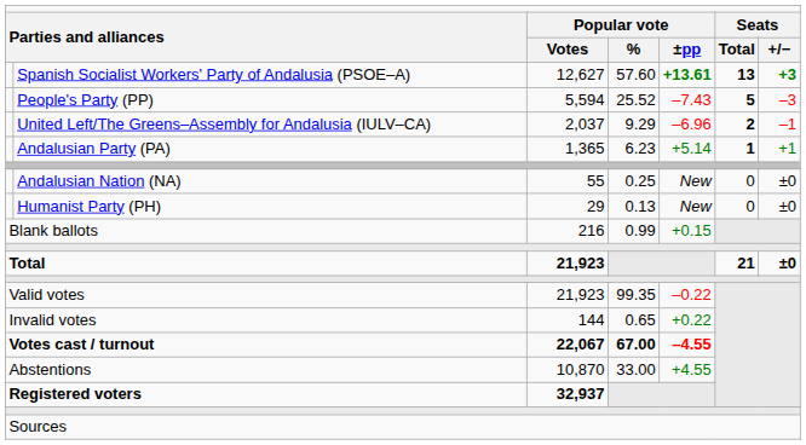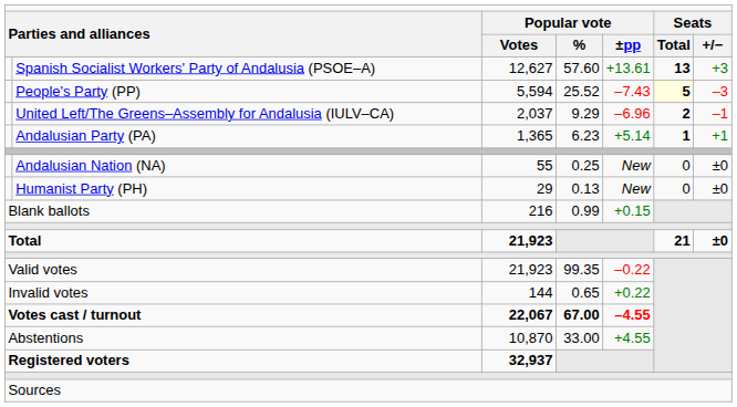 <table class="wikitable" style="text-align:right;">
 <tr>
 <td colspan="7"></td>
 </tr>
 <tr>
 <th style="text-align:left;" rowspan="2" colspan="2" width="525">Parties and alliances</th>
 <th colspan="3">Popular vote</th>
 <th colspan="2">Seats</th>
 </tr>
 <tr>
 <th width="75">Votes</th>
 <th width="45">%</th>
 <th width="45">±<a href='#'>pp</a></th>
 <th width="35">Total</th>
 <th width="35">+/−</th>
 </tr>
 <tr>
 <td width="1" style="color:inherit;background:"></td>
 <td align="left"><a href='#'>Spanish Socialist Workers' Party of Andalusia</a> (PSOE–A)</td>
 <td>12,627</td>
 <td>57.60</td>
-<td style="color:green;"><strong>+13.61</strong></td>
+<td style="color:green;">+13.61</td>
 <td><strong>13</strong></td>
-<td style="color:green;"><strong>+3</strong></td>
+<td style="color:green;">+3</td>
 </tr>
 <tr>
 <td style="color:inherit;background:"></td>
 <td align="left"><a href='#'>People's Party</a> (PP)</td>
 <td>5,594</td>
 <td>25.52</td>
 <td style="color:red;">–7.43</td>
-<td><strong>5</strong></td>
+<td style="background: lightyellow;"><strong>5</strong></td>
 <td style="color:red;">–3</td>
 </tr>
 <tr>
 <td style="color:inherit;background:"></td>
 <td align="left"><a href='#'>United Left/The Greens–Assembly for Andalusia</a> (IULV–CA)</td>
 <td>2,037</td>
 <td>9.29</td>
 <td style="color:red;">–6.96</td>
 <td><strong>2</strong></td>
 <td style="color:red;">–1</td>
 </tr>
 <tr>
 <td style="color:inherit;background:"></td>
 <td align="left"><a href='#'>Andalusian Party</a> (PA)</td>
 <td>1,365</td>
 <td>6.23</td>
 <td style="color:green;">+5.14</td>
 <td><strong>1</strong></td>
 <td style="color:green;">+1</td>
 </tr>
 <tr>
 <td colspan="7" bgcolor="#C0C0C0"></td>
 </tr>
 <tr>
 <td style="color:inherit;background:"></td>
 <td align="left"><a href='#'>Andalusian Nation</a> (NA)</td>
 <td>55</td>
 <td>0.25</td>
 <td><em>New</em></td>
 <td>0</td>
 <td>±0</td>
 </tr>
 <tr>
 <td style="color:inherit;background:"></td>
 <td align="left"><a href='#'>Humanist Party</a> (PH)</td>
 <td>29</td>
 <td>0.13</td>
 <td><em>New</em></td>
 <td>0</td>
 <td>±0</td>
 </tr>
 <tr>
 <td align="left" colspan="2">Blank ballots</td>
 <td>216</td>
 <td>0.99</td>
 <td style="color:green;">+0.15</td>
 <td bgcolor="#E9E9E9" colspan="2"></td>
 </tr>
 <tr>
 <td colspan="7" bgcolor="#E9E9E9"></td>
 </tr>
 <tr style="font-weight:bold;">
 <td align="left" colspan="2">Total</td>
 <td>21,923</td>
 <td bgcolor="#E9E9E9" colspan="2"></td>
 <td>21</td>
 <td>±0</td>
 </tr>
 <tr>
 <td colspan="7" bgcolor="#E9E9E9"></td>
 </tr>
 <tr>
 <td align="left" colspan="2">Valid votes</td>
 <td>21,923</td>
 <td>99.35</td>
 <td style="color:red;">–0.22</td>
 <td bgcolor="#E9E9E9" colspan="2" rowspan="5"></td>
 </tr>
 <tr>
 <td align="left" colspan="2">Invalid votes</td>
 <td>144</td>
 <td>0.65</td>
 <td style="color:green;">+0.22</td>
 </tr>
 <tr style="font-weight:bold;">
 <td align="left" colspan="2">Votes cast / turnout</td>
 <td>22,067</td>
 <td>67.00</td>
 <td style="color:red;">–4.55</td>
 </tr>
 <tr>
 <td align="left" colspan="2">Abstentions</td>
 <td>10,870</td>
 <td>33.00</td>
 <td style="color:green;">+4.55</td>
 </tr>
 <tr style="font-weight:bold;">
 <td align="left" colspan="2">Registered voters</td>
 <td>32,937</td>
 <td bgcolor="#E9E9E9" colspan="2"></td>
 </tr>
 <tr>
 <td colspan="7" bgcolor="#E9E9E9"></td>
 </tr>
 <tr>
 <td align="left" colspan="7">Sources</td>
 </tr>
 </table>
